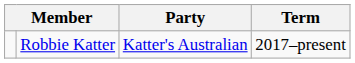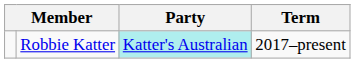 <table class="wikitable">
 <tr>
 <th colspan="2">Member</th>
 <th>Party</th>
 <th>Term</th>
 </tr>
 <tr>
 <td> </td>
 <td><a href='#'>Robbie Katter</a></td>
-<td><a href='#'>Katter's Australian</a></td>
+<td style="background: paleturquoise;"><a href='#'>Katter's Australian</a></td>
 <td>2017–present</td>
 </tr>
 </table>
